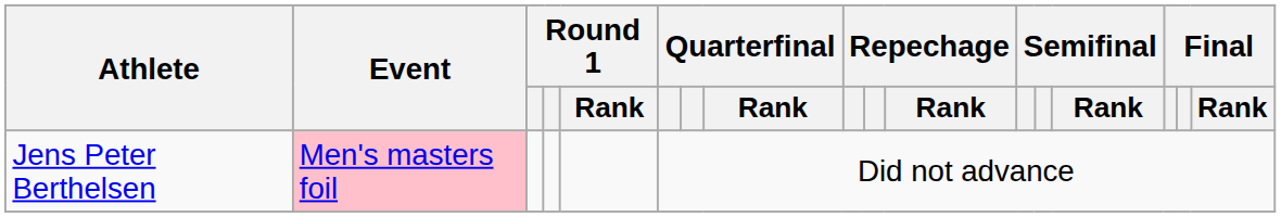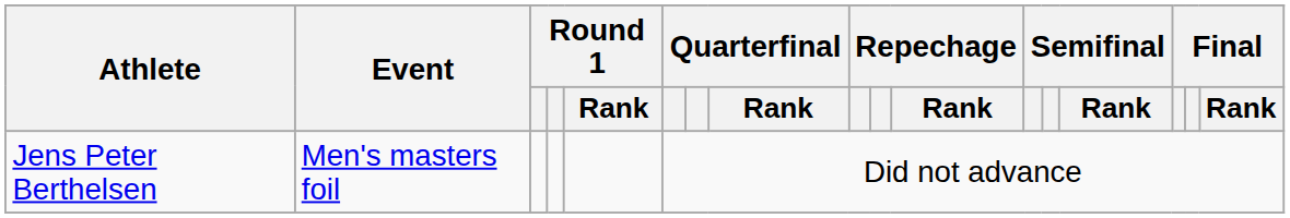 <table class="wikitable" style="font-size:90%">
 <tr>
 <th rowspan="2">Athlete</th>
 <th rowspan="2">Event</th>
 <th colspan="3">Round 1</th>
 <th colspan="3">Quarterfinal</th>
 <th colspan="3">Repechage</th>
 <th colspan="3">Semifinal</th>
 <th colspan="3">Final</th>
 </tr>
 <tr style="font-size:95%">
 <th></th>
 <th></th>
 <th>Rank</th>
 <th></th>
 <th></th>
 <th>Rank</th>
 <th></th>
 <th></th>
 <th>Rank</th>
 <th></th>
 <th></th>
 <th>Rank</th>
 <th></th>
 <th></th>
 <th>Rank</th>
 </tr>
 <tr align=center>
 <td align=left><a href='#'>Jens Peter Berthelsen</a></td>
-<td align=left style="background: pink;"><a href='#'>Men's masters foil</a></td>
+<td align=left><a href='#'>Men's masters foil</a></td>
 <td></td>
 <td></td>
 <td></td>
 <td colspan="12">Did not advance</td>
 </tr>
 </table>
